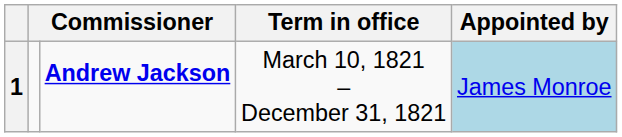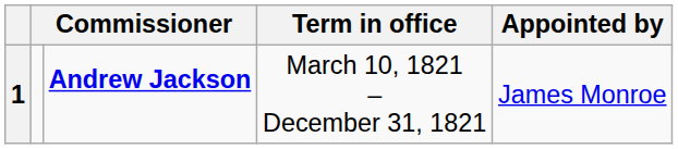 <table class="wikitable" style="text-align:center;">
 <tr>
 <th scope="col" data-sort-type="number"></th>
 <th scope="colgroup" colspan="2">Commissioner</th>
 <th scope="col">Term in office</th>
 <th scope="col">Appointed by</th>
 </tr>
 <tr style="height:2em;">
 <th scope="row">1</th>
 <td></td>
 <td><strong><a href='#'>Andrew Jackson</a></strong><br><br></td>
 <td>March 10, 1821<br>–<br>December 31, 1821<br></td>
-<td style="background: lightblue;"><a href='#'>James Monroe</a></td>
+<td><a href='#'>James Monroe</a></td>
 </tr>
 </table>
